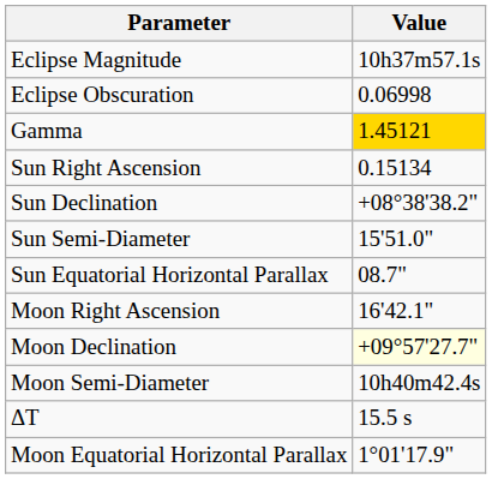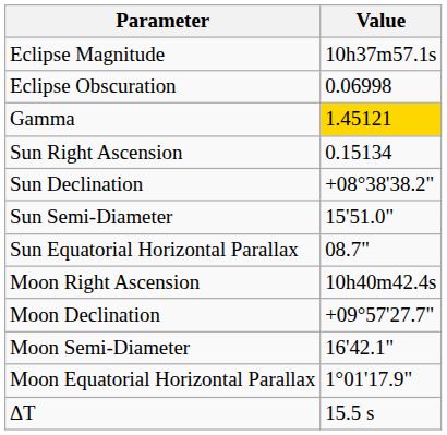 <table class="wikitable">
 <tr>
 <th>Parameter</th>
 <th>Value</th>
 </tr>
 <tr>
 <td>Eclipse Magnitude</td>
 <td>10h37m57.1s</td>
 </tr>
 <tr>
 <td>Eclipse Obscuration</td>
 <td>0.06998</td>
 </tr>
 <tr>
 <td>Gamma</td>
 <td style="background: gold;">1.45121</td>
 </tr>
 <tr>
 <td>Sun Right Ascension</td>
 <td>0.15134</td>
 </tr>
 <tr>
 <td>Sun Declination</td>
 <td>+08°38'38.2"</td>
 </tr>
 <tr>
 <td>Sun Semi-Diameter</td>
 <td>15'51.0"</td>
 </tr>
 <tr>
 <td>Sun Equatorial Horizontal Parallax</td>
 <td>08.7"</td>
 </tr>
 <tr>
 <td>Moon Right Ascension</td>
+<td>10h40m42.4s</td>
+</tr>
+<tr>
+<td>Moon Declination</td>
+<td>+09°57'27.7"</td>
+</tr>
+<tr>
+<td>Moon Semi-Diameter</td>
 <td>16'42.1"</td>
 </tr>
 <tr>
-<td>Moon Declination</td>
-<td style="background: lightyellow;">+09°57'27.7"</td>
-</tr>
-<tr>
-<td>Moon Semi-Diameter</td>
-<td>10h40m42.4s</td>
+<td>Moon Equatorial Horizontal Parallax</td>
+<td>1°01'17.9"</td>
 </tr>
 <tr>
 <td>ΔT</td>
 <td>15.5 s</td>
 </tr>
-<tr>
-<td>Moon Equatorial Horizontal Parallax</td>
-<td>1°01'17.9"</td>
-</tr>
 </table>
